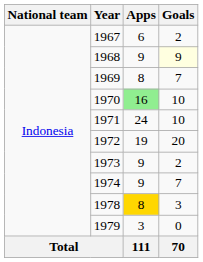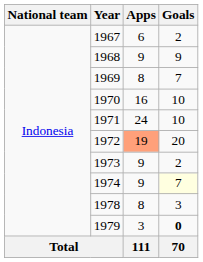 <table class="wikitable" style="text-align:center">
 <tr>
 <th>National team</th>
 <th>Year</th>
 <th>Apps</th>
 <th>Goals</th>
 </tr>
 <tr>
 <td rowspan=10><a href='#'>Indonesia</a></td>
 <td>1967</td>
 <td>6</td>
 <td>2</td>
 </tr>
 <tr>
 <td>1968</td>
 <td>9</td>
-<td style="background: lightyellow;">9</td>
+<td>9</td>
 </tr>
 <tr>
 <td>1969</td>
 <td>8</td>
 <td>7</td>
 </tr>
 <tr>
 <td>1970</td>
-<td style="background: lightgreen;">16</td>
+<td>16</td>
 <td>10</td>
 </tr>
 <tr>
 <td>1971</td>
 <td>24</td>
 <td>10</td>
 </tr>
 <tr>
 <td>1972</td>
-<td>19</td>
+<td style="background: lightsalmon;">19</td>
 <td>20</td>
 </tr>
 <tr>
 <td>1973</td>
 <td>9</td>
 <td>2</td>
 </tr>
 <tr>
 <td>1974</td>
 <td>9</td>
-<td>7</td>
+<td style="background: lightyellow;">7</td>
 </tr>
 <tr>
 <td>1978</td>
-<td style="background: gold;">8</td>
+<td>8</td>
 <td>3</td>
 </tr>
 <tr>
 <td>1979</td>
 <td>3</td>
-<td>0</td>
+<td><strong>0</strong></td>
 </tr>
 <tr>
 <th colspan=2>Total</th>
 <th>111</th>
 <th>70</th>
 </tr>
 </table>
